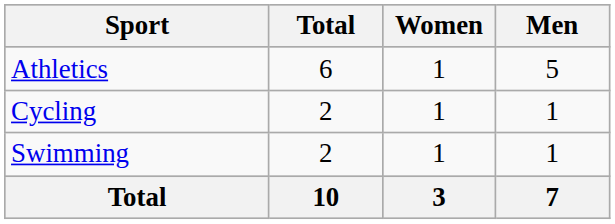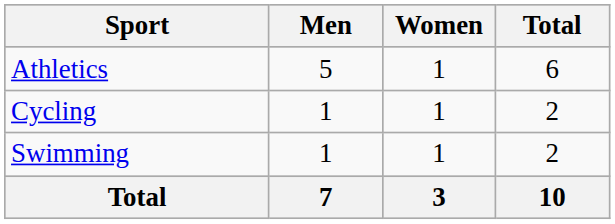 <table class="wikitable sortable" style="text-align:center;">
 <tr>
 <th width=150>Sport</th>
+<th width=60>Men</th>
+<th width=60>Women</th>
 <th width=60>Total</th>
-<th width=60>Women</th>
-<th width=60>Men</th>
 </tr>
 <tr>
 <td align=left><a href='#'>Athletics</a></td>
+<td>5</td>
+<td>1</td>
 <td>6</td>
-<td>1</td>
-<td>5</td>
 </tr>
 <tr>
 <td align=left><a href='#'>Cycling</a></td>
-<td>2</td>
 <td>1</td>
 <td>1</td>
+<td>2</td>
 </tr>
 <tr>
 <td align=left><a href='#'>Swimming</a></td>
-<td>2</td>
 <td>1</td>
 <td>1</td>
+<td>2</td>
 </tr>
 <tr>
 <th>Total</th>
+<th>7</th>
+<th>3</th>
 <th>10</th>
-<th>3</th>
-<th>7</th>
 </tr>
 </table>
